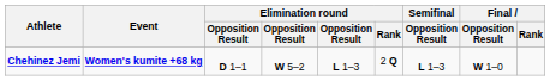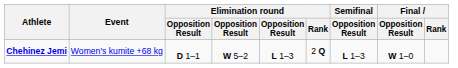 <table class=wikitable style=font-size:90%;text-align:center>
 <tr>
 <th rowspan=2>Athlete</th>
 <th rowspan=2>Event</th>
 <th colspan=4>Elimination round</th>
 <th>Semifinal</th>
 <th colspan=2>Final / </th>
 </tr>
 <tr style=font-size:95%>
 <th>Opposition<br>Result</th>
 <th>Opposition<br>Result</th>
 <th>Opposition<br>Result</th>
 <th>Rank</th>
 <th>Opposition<br>Result</th>
 <th>Opposition<br>Result</th>
 <th>Rank</th>
 </tr>
 <tr>
 <td align=left><strong><a href='#'>Chehinez Jemi</a></strong></td>
-<td align=left><strong><a href='#'>Women's kumite +68 kg</a></strong></td>
+<td align=left><a href='#'>Women's kumite +68 kg</a></td>
 <td><br><strong>D</strong> 1–1</td>
 <td><br><strong>W</strong> 5–2</td>
 <td><br><strong>L</strong> 1–3</td>
 <td>2 <strong>Q</strong></td>
 <td><br><strong>L</strong> 1–3</td>
 <td><br><strong>W</strong> 1–0</td>
 <td></td>
 </tr>
 </table>
